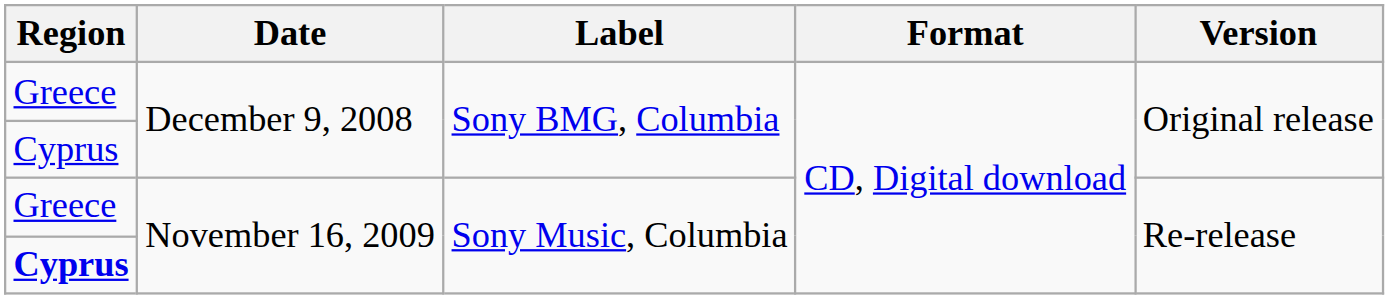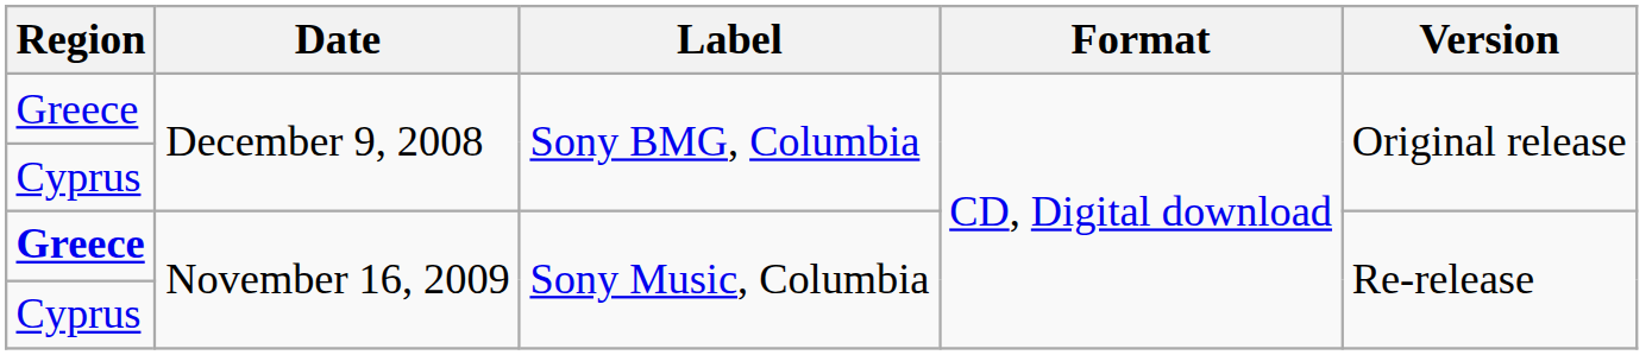 <table class="sortable wikitable">
 <tr>
 <th>Region</th>
 <th>Date</th>
 <th>Label</th>
 <th>Format</th>
 <th>Version</th>
 </tr>
 <tr>
 <td><a href='#'>Greece</a></td>
 <td rowspan="2">December 9, 2008</td>
 <td rowspan="2"><a href='#'>Sony BMG</a>, <a href='#'>Columbia</a></td>
 <td rowspan="4"><a href='#'>CD</a>, <a href='#'>Digital download</a></td>
 <td rowspan="2">Original release</td>
 </tr>
 <tr>
 <td><a href='#'>Cyprus</a></td>
 </tr>
 <tr>
-<td><a href='#'>Greece</a></td>
+<td><strong><a href='#'>Greece</a></strong></td>
 <td rowspan="2">November 16, 2009</td>
 <td rowspan="2"><a href='#'>Sony Music</a>, Columbia</td>
 <td rowspan="2">Re-release</td>
 </tr>
 <tr>
-<td><strong><a href='#'>Cyprus</a></strong></td>
+<td><a href='#'>Cyprus</a></td>
 </tr>
 </table>
